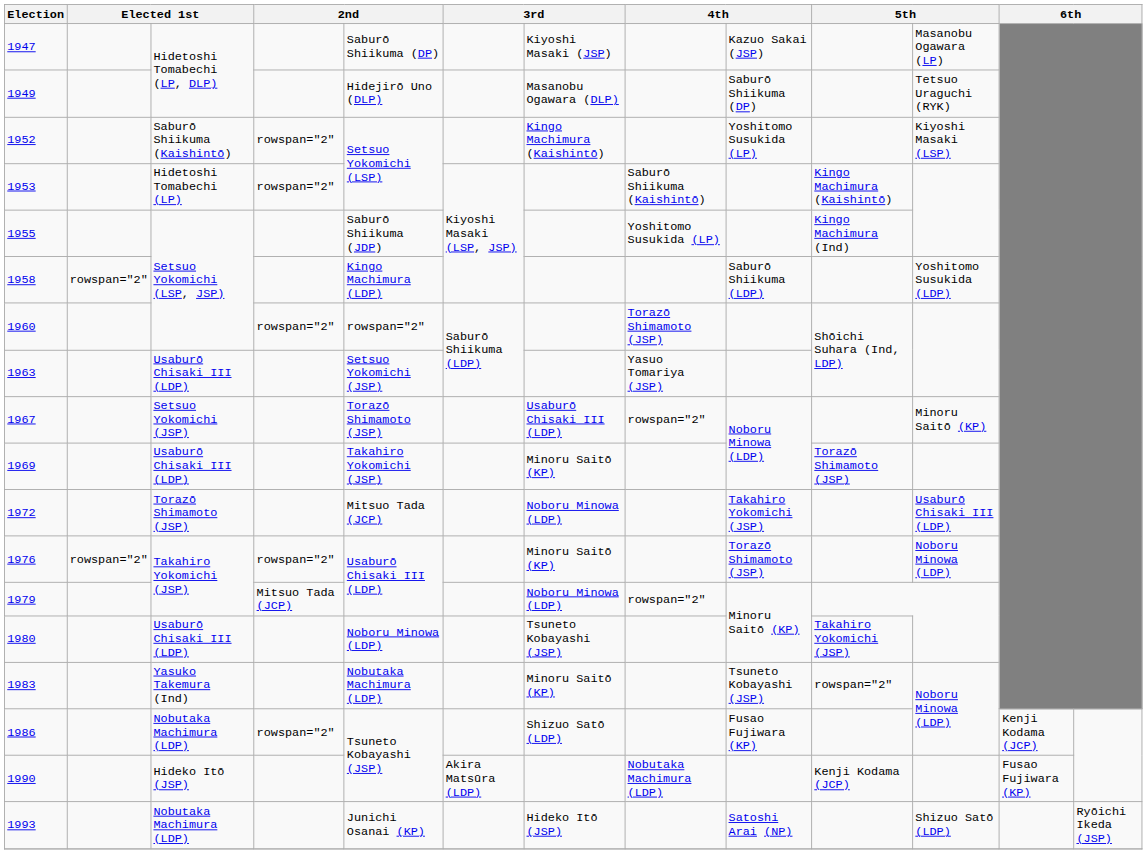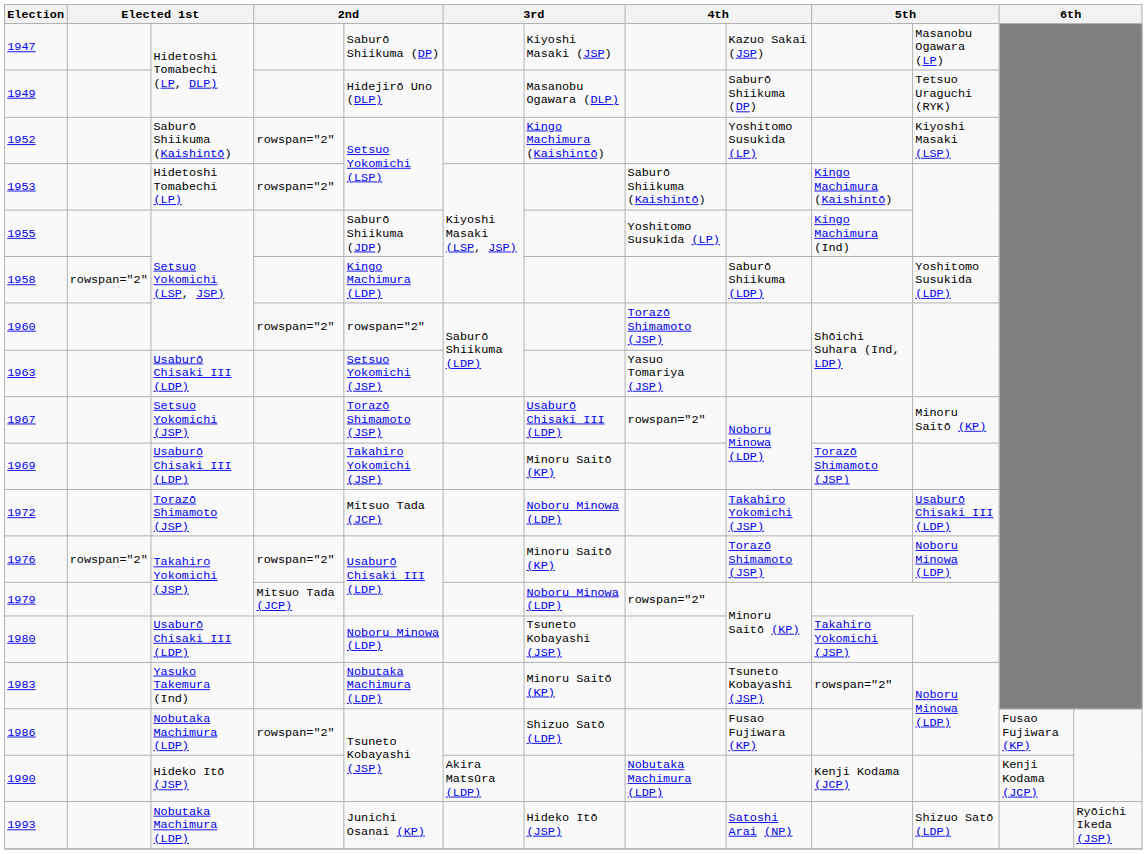 <table class="wikitable" border="1">
 <tr>
 <th>Election</th>
 <th colspan="2">Elected 1st</th>
 <th colspan="2">2nd</th>
 <th colspan="2">3rd</th>
 <th colspan="2">4th</th>
 <th colspan="2">5th</th>
 <th colspan="2">6th</th>
 </tr>
 <tr>
 <td><a href='#'>1947</a></td>
 <td></td>
 <td rowspan="2">Hidetoshi Tomabechi (<a href='#'>LP</a>, <a href='#'>DLP)</a></td>
 <td></td>
 <td>Saburō Shiikuma (<a href='#'>DP</a>)</td>
 <td></td>
 <td>Kiyoshi Masaki (<a href='#'>JSP</a>)</td>
 <td></td>
 <td>Kazuo Sakai (<a href='#'>JSP</a>)</td>
 <td></td>
 <td>Masanobu Ogawara (<a href='#'>LP</a>)</td>
 <td colspan="2" rowspan="15" bgcolor=grey></td>
 </tr>
 <tr>
 <td><a href='#'>1949</a></td>
 <td></td>
 <td></td>
 <td>Hidejirō Uno (<a href='#'>DLP)</a></td>
 <td></td>
 <td>Masanobu Ogawara (<a href='#'>DLP)</a></td>
 <td></td>
 <td>Saburō Shiikuma (<a href='#'>DP</a>)</td>
 <td></td>
 <td>Tetsuo Uraguchi (RYK)</td>
 </tr>
 <tr>
 <td><a href='#'>1952</a></td>
 <td></td>
 <td>Saburō Shiikuma (<a href='#'>Kaishintō</a>)</td>
 <td>rowspan="2" </td>
 <td rowspan="2"><a href='#'>Setsuo Yokomichi</a> <a href='#'>(LSP)</a></td>
 <td></td>
 <td><a href='#'>Kingo Machimura</a> (<a href='#'>Kaishintō</a>)</td>
 <td></td>
 <td>Yoshitomo Susukida <a href='#'>(LP)</a></td>
 <td></td>
 <td>Kiyoshi Masaki <a href='#'>(LSP)</a></td>
 </tr>
 <tr>
 <td><a href='#'>1953</a></td>
 <td></td>
 <td>Hidetoshi Tomabechi <a href='#'>(LP)</a></td>
 <td>rowspan="2" </td>
 <td rowspan="3">Kiyoshi Masaki <a href='#'>(LSP</a>, <a href='#'>JSP)</a></td>
 <td></td>
 <td>Saburō Shiikuma (<a href='#'>Kaishintō</a>)</td>
 <td></td>
 <td><a href='#'>Kingo Machimura</a> (<a href='#'>Kaishintō</a>)</td>
 </tr>
 <tr>
 <td><a href='#'>1955</a></td>
 <td></td>
 <td rowspan="3"><a href='#'>Setsuo Yokomichi</a> <a href='#'>(LSP</a>, <a href='#'>JSP)</a></td>
 <td></td>
 <td>Saburō Shiikuma (<a href='#'>JDP</a>)</td>
 <td></td>
 <td>Yoshitomo Susukida <a href='#'>(LP)</a></td>
 <td></td>
 <td><a href='#'>Kingo Machimura</a> (Ind)</td>
 </tr>
 <tr>
 <td><a href='#'>1958</a></td>
 <td>rowspan="2" </td>
 <td></td>
 <td><a href='#'>Kingo Machimura</a> <a href='#'>(LDP)</a></td>
 <td></td>
 <td></td>
 <td>Saburō Shiikuma <a href='#'>(LDP)</a></td>
 <td></td>
 <td>Yoshitomo Susukida <a href='#'>(LDP)</a></td>
 </tr>
 <tr>
 <td><a href='#'>1960</a></td>
 <td></td>
 <td>rowspan="2" </td>
 <td>rowspan="2" </td>
 <td rowspan="2">Saburō Shiikuma <a href='#'>(LDP)</a></td>
 <td></td>
 <td><a href='#'>Torazō Shimamoto</a> <a href='#'>(JSP)</a></td>
 <td></td>
 <td rowspan="2">Shōichi Suhara (Ind, <a href='#'>LDP)</a></td>
 </tr>
 <tr>
 <td><a href='#'>1963</a></td>
 <td></td>
 <td><a href='#'>Usaburō Chisaki III</a> <a href='#'>(LDP)</a></td>
 <td></td>
 <td><a href='#'>Setsuo Yokomichi</a> <a href='#'>(JSP)</a></td>
 <td></td>
 <td>Yasuo Tomariya <a href='#'>(JSP)</a></td>
 <td></td>
 </tr>
 <tr>
 <td><a href='#'>1967</a></td>
 <td></td>
 <td><a href='#'>Setsuo Yokomichi</a> <a href='#'>(JSP)</a></td>
 <td></td>
 <td><a href='#'>Torazō Shimamoto</a> <a href='#'>(JSP)</a></td>
 <td></td>
 <td><a href='#'>Usaburō Chisaki III</a> <a href='#'>(LDP)</a></td>
 <td>rowspan="2" </td>
 <td rowspan="2"><a href='#'>Noboru Minowa</a> <a href='#'>(LDP)</a></td>
 <td></td>
 <td>Minoru Saitō <a href='#'>(KP)</a></td>
 </tr>
 <tr>
 <td><a href='#'>1969</a></td>
 <td></td>
 <td><a href='#'>Usaburō Chisaki III</a> <a href='#'>(LDP)</a></td>
 <td></td>
 <td><a href='#'>Takahiro Yokomichi</a> <a href='#'>(JSP)</a></td>
 <td></td>
 <td>Minoru Saitō <a href='#'>(KP)</a></td>
 <td></td>
 <td><a href='#'>Torazō Shimamoto</a> <a href='#'>(JSP)</a></td>
 </tr>
 <tr>
 <td><a href='#'>1972</a></td>
 <td></td>
 <td><a href='#'>Torazō Shimamoto</a> <a href='#'>(JSP)</a></td>
 <td></td>
 <td>Mitsuo Tada <a href='#'>(JCP)</a></td>
 <td></td>
 <td><a href='#'>Noboru Minowa</a> <a href='#'>(LDP)</a></td>
 <td></td>
 <td><a href='#'>Takahiro Yokomichi</a> <a href='#'>(JSP)</a></td>
 <td></td>
 <td><a href='#'>Usaburō Chisaki III</a> <a href='#'>(LDP)</a></td>
 </tr>
 <tr>
 <td><a href='#'>1976</a></td>
 <td>rowspan="2" </td>
 <td rowspan="2"><a href='#'>Takahiro Yokomichi</a> <a href='#'>(JSP)</a></td>
 <td>rowspan="2" </td>
 <td rowspan="2"><a href='#'>Usaburō Chisaki III</a> <a href='#'>(LDP)</a></td>
 <td></td>
 <td>Minoru Saitō <a href='#'>(KP)</a></td>
 <td></td>
 <td><a href='#'>Torazō Shimamoto</a> <a href='#'>(JSP)</a></td>
 <td></td>
 <td><a href='#'>Noboru Minowa</a> <a href='#'>(LDP)</a></td>
 </tr>
 <tr>
 <td><a href='#'>1979</a></td>
 <td></td>
 <td>Mitsuo Tada <a href='#'>(JCP)</a></td>
 <td></td>
 <td><a href='#'>Noboru Minowa</a> <a href='#'>(LDP)</a></td>
 <td>rowspan="2" </td>
 <td rowspan="2">Minoru Saitō <a href='#'>(KP)</a></td>
 </tr>
 <tr>
 <td><a href='#'>1980</a></td>
 <td></td>
 <td><a href='#'>Usaburō Chisaki III</a> <a href='#'>(LDP)</a></td>
 <td></td>
 <td><a href='#'>Noboru Minowa</a> <a href='#'>(LDP)</a></td>
 <td></td>
 <td>Tsuneto Kobayashi <a href='#'>(JSP)</a></td>
 <td></td>
 <td><a href='#'>Takahiro Yokomichi</a> <a href='#'>(JSP)</a></td>
 </tr>
 <tr>
 <td><a href='#'>1983</a></td>
 <td></td>
 <td><a href='#'>Yasuko Takemura</a> (Ind)</td>
 <td></td>
 <td><a href='#'>Nobutaka Machimura</a> <a href='#'>(LDP)</a></td>
 <td></td>
 <td>Minoru Saitō <a href='#'>(KP)</a></td>
 <td></td>
 <td>Tsuneto Kobayashi <a href='#'>(JSP)</a></td>
 <td>rowspan="2" </td>
 <td rowspan="2"><a href='#'>Noboru Minowa</a> <a href='#'>(LDP)</a></td>
 </tr>
 <tr>
 <td><a href='#'>1986</a></td>
 <td></td>
 <td><a href='#'>Nobutaka Machimura</a> <a href='#'>(LDP)</a></td>
 <td>rowspan="2"</td>
 <td rowspan="2">Tsuneto Kobayashi <a href='#'>(JSP)</a></td>
 <td></td>
 <td>Shizuo Satō <a href='#'>(LDP)</a></td>
 <td></td>
 <td>Fusao Fujiwara <a href='#'>(KP)</a></td>
 <td></td>
-<td>Kenji Kodama <a href='#'>(JCP)</a></td>
+<td>Fusao Fujiwara <a href='#'>(KP)</a></td>
 </tr>
 <tr>
 <td><a href='#'>1990</a></td>
 <td></td>
 <td>Hideko Itō <a href='#'>(JSP)</a></td>
 <td></td>
 <td>Akira Matsūra <a href='#'>(LDP)</a></td>
 <td></td>
 <td><a href='#'>Nobutaka Machimura</a> <a href='#'>(LDP)</a></td>
 <td></td>
 <td>Kenji Kodama <a href='#'>(JCP)</a></td>
 <td></td>
-<td>Fusao Fujiwara <a href='#'>(KP)</a></td>
+<td>Kenji Kodama <a href='#'>(JCP)</a></td>
 </tr>
 <tr>
 <td><a href='#'>1993</a></td>
 <td></td>
 <td><a href='#'>Nobutaka Machimura</a> <a href='#'>(LDP)</a></td>
 <td></td>
 <td>Junichi Osanai <a href='#'>(KP)</a></td>
 <td></td>
 <td>Hideko Itō <a href='#'>(JSP)</a></td>
 <td></td>
 <td><a href='#'>Satoshi Arai</a> <a href='#'>(NP)</a></td>
 <td></td>
 <td>Shizuo Satō <a href='#'>(LDP)</a></td>
 <td></td>
 <td>Ryōichi Ikeda <a href='#'>(JSP)</a></td>
 </tr>
 <tr>
 </tr>
 </table>
